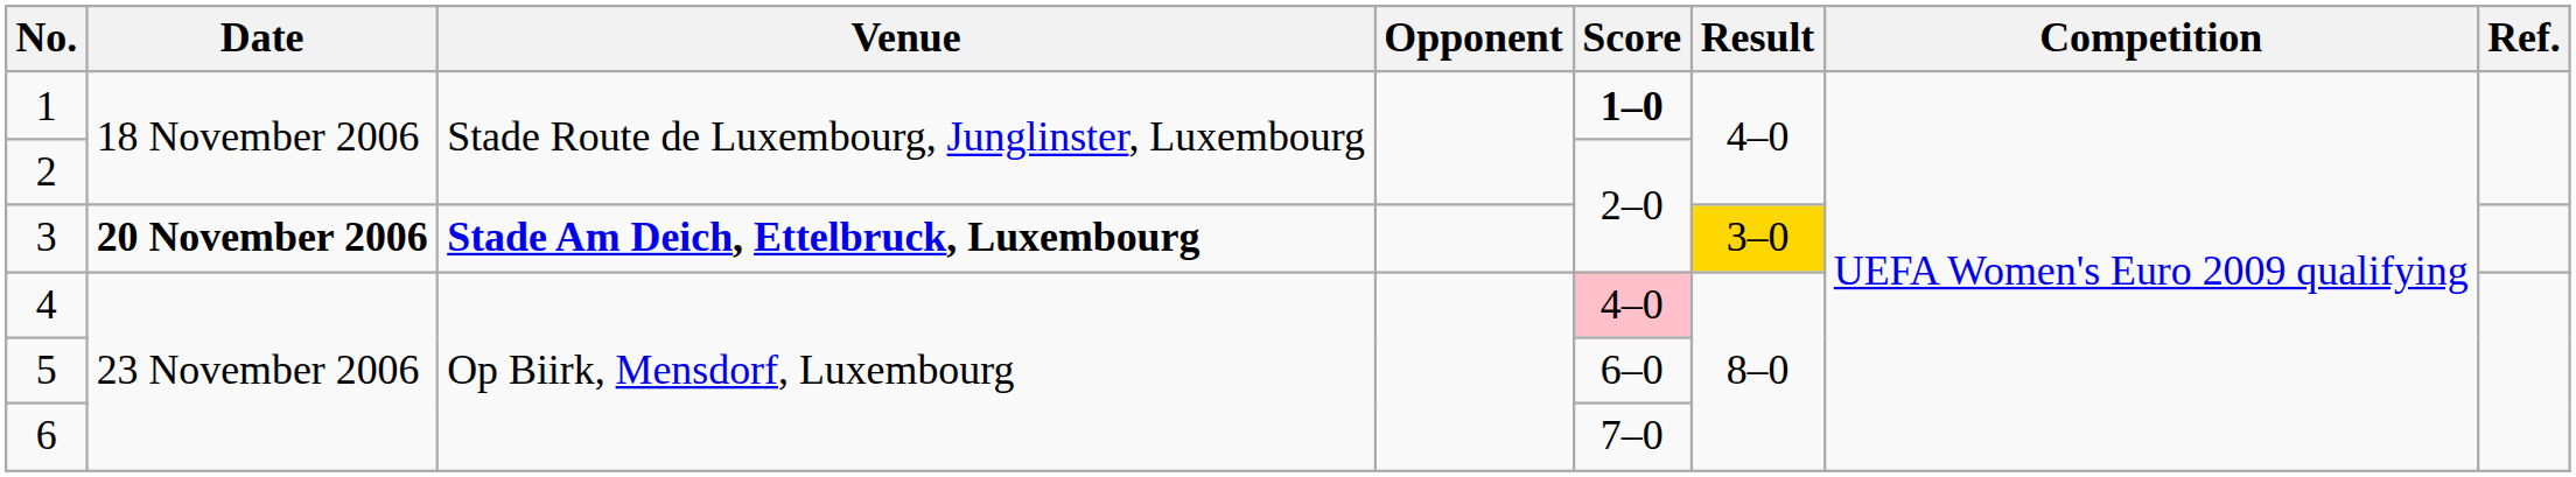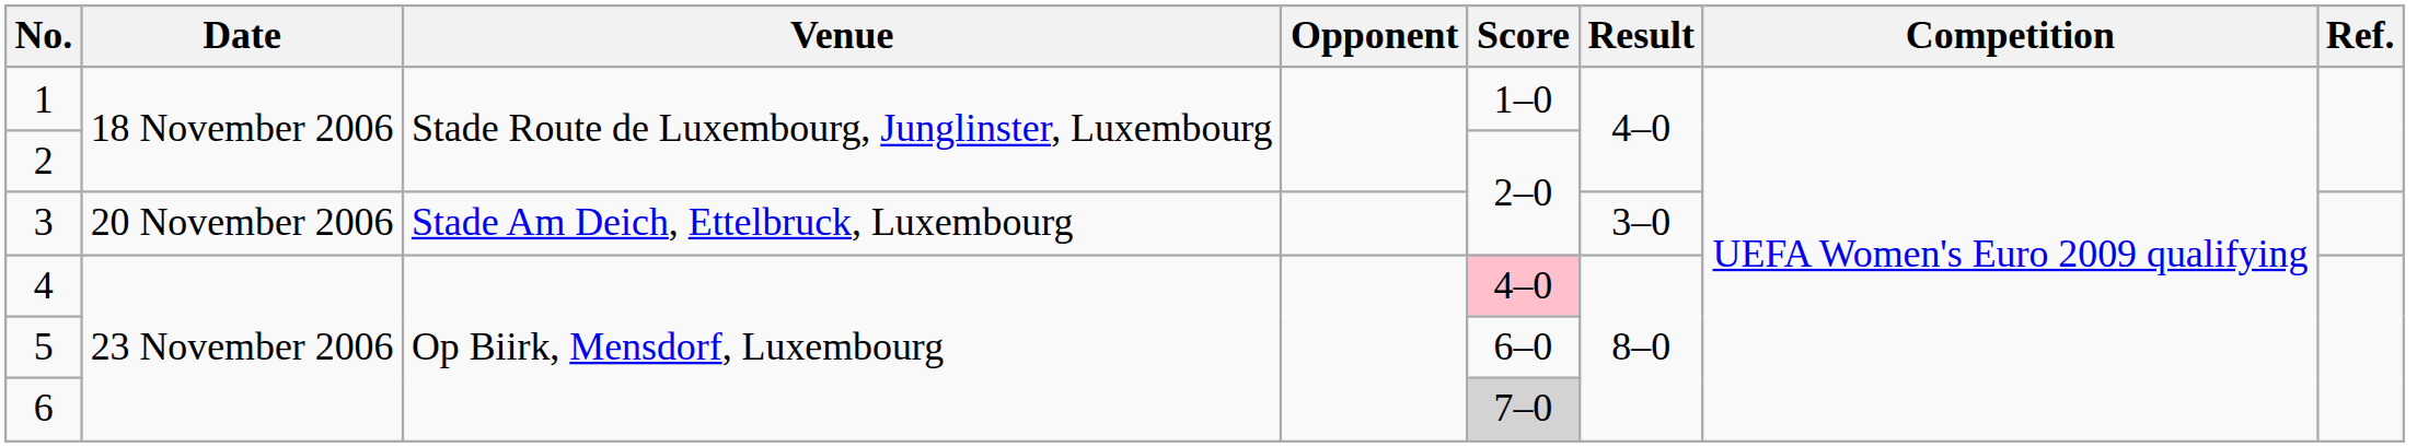 <table class="wikitable">
 <tr>
 <th>No.</th>
 <th>Date</th>
 <th>Venue</th>
 <th>Opponent</th>
 <th>Score</th>
 <th>Result</th>
 <th>Competition</th>
 <th>Ref.</th>
 </tr>
 <tr>
 <td style="text-align:center;">1</td>
 <td rowspan=2>18 November 2006</td>
 <td rowspan=2>Stade Route de Luxembourg, <a href='#'>Junglinster</a>, Luxembourg</td>
 <td rowspan=2></td>
-<td style="text-align:center;"><strong>1–0</strong></td>
+<td style="text-align:center;">1–0</td>
 <td rowspan=2 style="text-align:center;">4–0</td>
 <td rowspan=6><a href='#'>UEFA Women's Euro 2009 qualifying</a></td>
 <td rowspan=2></td>
 </tr>
 <tr style="text-align:center;">
 <td>2</td>
 <td rowspan=2>2–0</td>
 </tr>
 <tr>
 <td style="text-align:center;">3</td>
-<td><strong>20 November 2006</strong></td>
-<td><strong><a href='#'>Stade Am Deich</a>, <a href='#'>Ettelbruck</a>, Luxembourg</strong></td>
+<td>20 November 2006</td>
+<td><a href='#'>Stade Am Deich</a>, <a href='#'>Ettelbruck</a>, Luxembourg</td>
 <td></td>
-<td style="background: gold; text-align:center;">3–0</td>
+<td style="text-align:center;">3–0</td>
 <td></td>
 </tr>
 <tr>
 <td style="text-align:center;">4</td>
 <td rowspan=3>23 November 2006</td>
 <td rowspan=3>Op Biirk, <a href='#'>Mensdorf</a>, Luxembourg</td>
 <td rowspan=3></td>
 <td style="background: pink; text-align:center;">4–0</td>
 <td rowspan=3 style="text-align:center;">8–0</td>
 <td rowspan=3></td>
 </tr>
 <tr style="text-align:center;">
 <td>5</td>
 <td>6–0</td>
 </tr>
 <tr style="text-align:center;">
 <td>6</td>
-<td>7–0</td>
+<td style="background: lightgrey;">7–0</td>
 </tr>
 </table>
